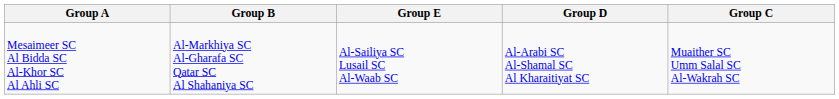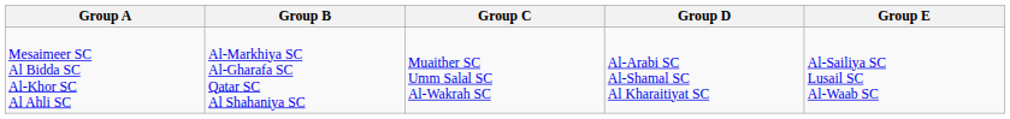 <table class="wikitable" width=90%>
 <tr>
 <th width=20%>Group A</th>
 <th width=20%>Group B</th>
+<th width=20%>Group C</th>
+<th width=20%>Group D</th>
 <th width=20%>Group E</th>
-<th width=20%>Group D</th>
-<th width=20%>Group C</th>
 </tr>
 <tr>
 <td><br><a href='#'>Mesaimeer SC</a> <br> <a href='#'>Al Bidda SC</a> <br> <a href='#'>Al-Khor SC</a> <br> <a href='#'>Al Ahli SC</a></td>
 <td><br><a href='#'>Al-Markhiya SC</a> <br> <a href='#'>Al-Gharafa SC</a> <br> <a href='#'>Qatar SC</a> <br> <a href='#'>Al Shahaniya SC</a></td>
+<td><br><a href='#'>Muaither SC</a> <br> <a href='#'>Umm Salal SC</a> <br> <a href='#'>Al-Wakrah SC</a></td>
+<td><br><a href='#'>Al-Arabi SC</a> <br> <a href='#'>Al-Shamal SC</a> <br> <a href='#'>Al Kharaitiyat SC</a></td>
 <td><br><a href='#'>Al-Sailiya SC</a> <br> <a href='#'>Lusail SC</a> <br> <a href='#'>Al-Waab SC</a> <br></td>
-<td><br><a href='#'>Al-Arabi SC</a> <br> <a href='#'>Al-Shamal SC</a> <br> <a href='#'>Al Kharaitiyat SC</a></td>
-<td><br><a href='#'>Muaither SC</a> <br> <a href='#'>Umm Salal SC</a> <br> <a href='#'>Al-Wakrah SC</a></td>
 </tr>
 </table>
